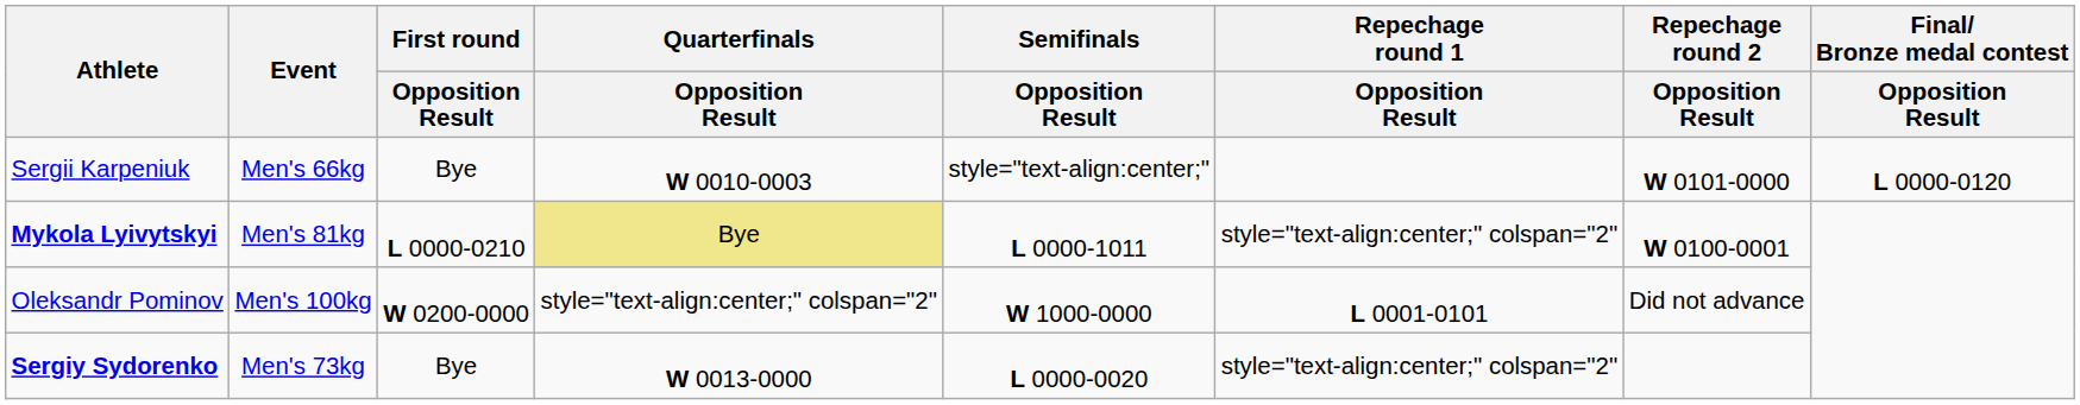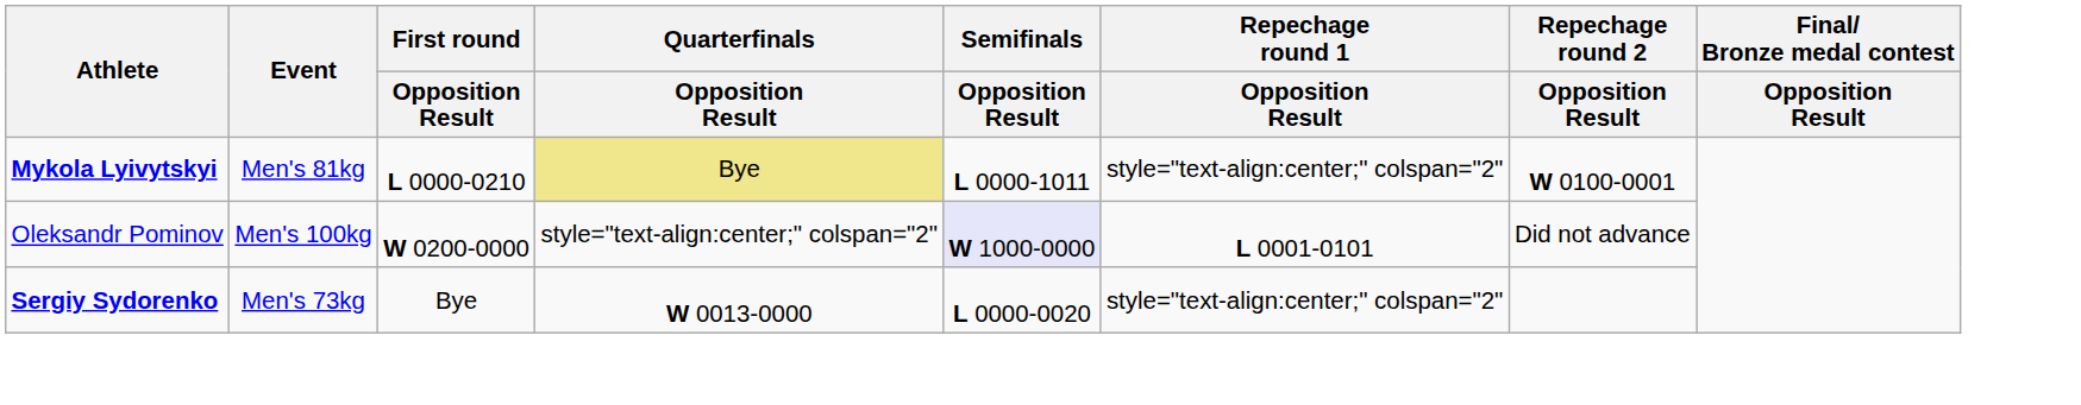 <table class=wikitable style="font-size:90%">
 <tr>
 <th rowspan="2">Athlete</th>
 <th rowspan="2">Event</th>
 <th>First round</th>
 <th>Quarterfinals</th>
 <th>Semifinals</th>
 <th>Repechage <br>round 1</th>
 <th>Repechage <br>round 2</th>
 <th>Final/<br>Bronze medal contest</th>
 </tr>
 <tr>
 <th>Opposition<br>Result</th>
 <th>Opposition<br>Result</th>
 <th>Opposition<br>Result</th>
 <th>Opposition<br>Result</th>
 <th>Opposition<br>Result</th>
 <th>Opposition<br>Result</th>
 </tr>
 <tr>
-<td><a href='#'>Sergii Karpeniuk</a></td>
-<td style="text-align:center;"><a href='#'>Men's 66kg</a></td>
-<td style="text-align:center;">Bye</td>
-<td style="text-align:center;"><br> <strong>W</strong> 0010-0003</td>
-<td>style="text-align:center;" </td>
-<td style="text-align:center;"><br> </td>
-<td style="text-align:center;"><br> <strong>W</strong> 0101-0000</td>
-<td style="text-align:center;"><br> <strong>L</strong> 0000-0120</td>
-</tr>
-<tr>
 <td><strong><a href='#'>Mykola Lyivytskyi</a></strong></td>
 <td style="text-align:center;"><a href='#'>Men's 81kg</a></td>
 <td style="text-align:center;"><br> <strong>L</strong> 0000-0210</td>
 <td style="background: khaki; text-align:center;">Bye</td>
 <td style="text-align:center;"><br> <strong>L</strong> 0000-1011</td>
 <td>style="text-align:center;" colspan="2" </td>
 <td style="text-align:center;"><br> <strong>W</strong> 0100-0001 </td>
 </tr>
 <tr>
 <td><a href='#'>Oleksandr Pominov</a></td>
 <td style="text-align:center;"><a href='#'>Men's 100kg</a></td>
 <td style="text-align:center;"><br> <strong>W</strong> 0200-0000</td>
 <td>style="text-align:center;" colspan="2" </td>
-<td style="text-align:center;"><br> <strong>W</strong> 1000-0000</td>
+<td style="background: lavender; text-align:center;"><br> <strong>W</strong> 1000-0000</td>
 <td style="text-align:center;"><br> <strong>L</strong> 0001-0101</td>
 <td style="text-align:center;">Did not advance</td>
 </tr>
 <tr>
 <td><strong><a href='#'>Sergiy Sydorenko</a></strong></td>
 <td style="text-align:center;"><a href='#'>Men's 73kg</a></td>
 <td style="text-align:center;">Bye</td>
 <td style="text-align:center;"><br> <strong>W</strong> 0013-0000</td>
 <td style="text-align:center;"><br> <strong>L</strong> 0000-0020</td>
 <td>style="text-align:center;" colspan="2" </td>
 <td style="text-align:center;"><br>  </td>
 </tr>
 </table>
